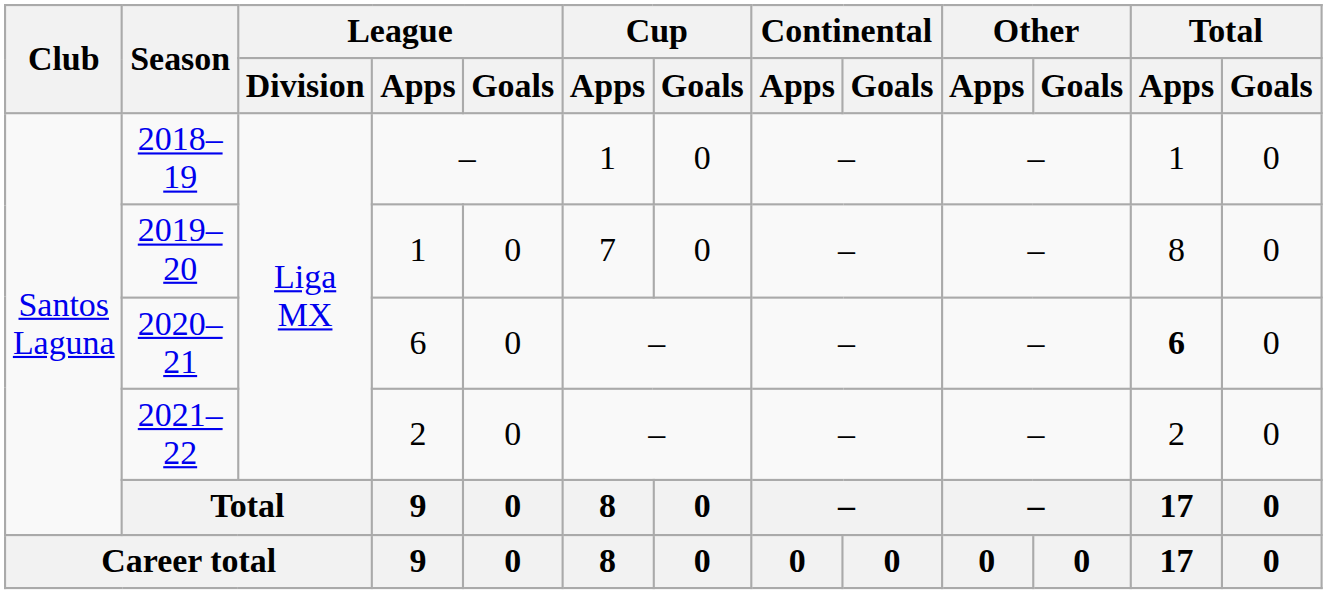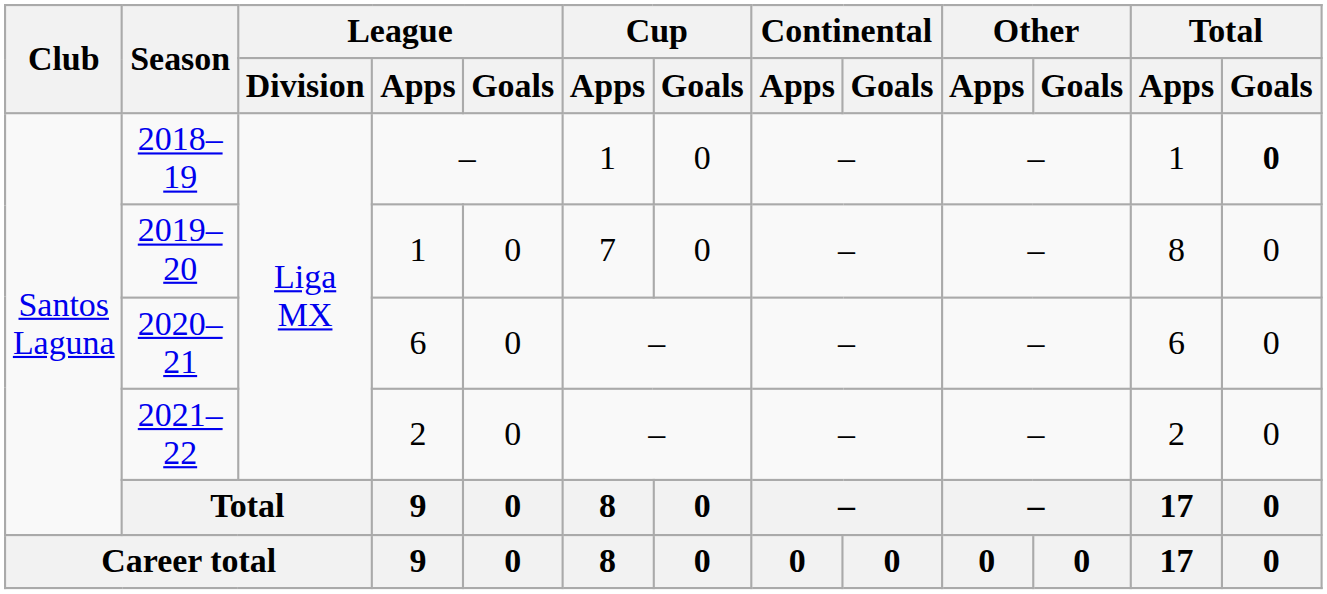 <table class="wikitable" style="text-align: center">
 <tr>
 <th rowspan="2">Club</th>
 <th rowspan="2">Season</th>
 <th colspan="3">League</th>
 <th colspan="2">Cup</th>
 <th colspan="2">Continental</th>
 <th colspan="2">Other</th>
 <th colspan="2">Total</th>
 </tr>
 <tr>
 <th>Division</th>
 <th>Apps</th>
 <th>Goals</th>
 <th>Apps</th>
 <th>Goals</th>
 <th>Apps</th>
 <th>Goals</th>
 <th>Apps</th>
 <th>Goals</th>
 <th>Apps</th>
 <th>Goals</th>
 </tr>
 <tr>
 <td rowspan="5"><a href='#'>Santos Laguna</a></td>
 <td><a href='#'>2018–19</a></td>
 <td rowspan="4"><a href='#'>Liga MX</a></td>
 <td colspan="2">–</td>
 <td>1</td>
 <td>0</td>
 <td colspan="2">–</td>
 <td colspan="2">–</td>
 <td>1</td>
-<td>0</td>
+<td><strong>0</strong></td>
 </tr>
 <tr>
 <td><a href='#'>2019–20</a></td>
 <td>1</td>
 <td>0</td>
 <td>7</td>
 <td>0</td>
 <td colspan="2">–</td>
 <td colspan="2">–</td>
 <td>8</td>
 <td>0</td>
 </tr>
 <tr>
 <td><a href='#'>2020–21</a></td>
 <td>6</td>
 <td>0</td>
 <td colspan="2">–</td>
 <td colspan="2">–</td>
 <td colspan="2">–</td>
-<td><strong>6</strong></td>
+<td>6</td>
 <td>0</td>
 </tr>
 <tr>
 <td><a href='#'>2021–22</a></td>
 <td>2</td>
 <td>0</td>
 <td colspan="2">–</td>
 <td colspan="2">–</td>
 <td colspan="2">–</td>
 <td>2</td>
 <td>0</td>
 </tr>
 <tr>
 <th colspan="2">Total</th>
 <th>9</th>
 <th>0</th>
 <th>8</th>
 <th>0</th>
 <th colspan="2">–</th>
 <th colspan="2">–</th>
 <th>17</th>
 <th>0</th>
 </tr>
 <tr>
 <th colspan=3>Career total</th>
 <th>9</th>
 <th>0</th>
 <th>8</th>
 <th>0</th>
 <th>0</th>
 <th>0</th>
 <th>0</th>
 <th>0</th>
 <th>17</th>
 <th>0</th>
 </tr>
 </table>
